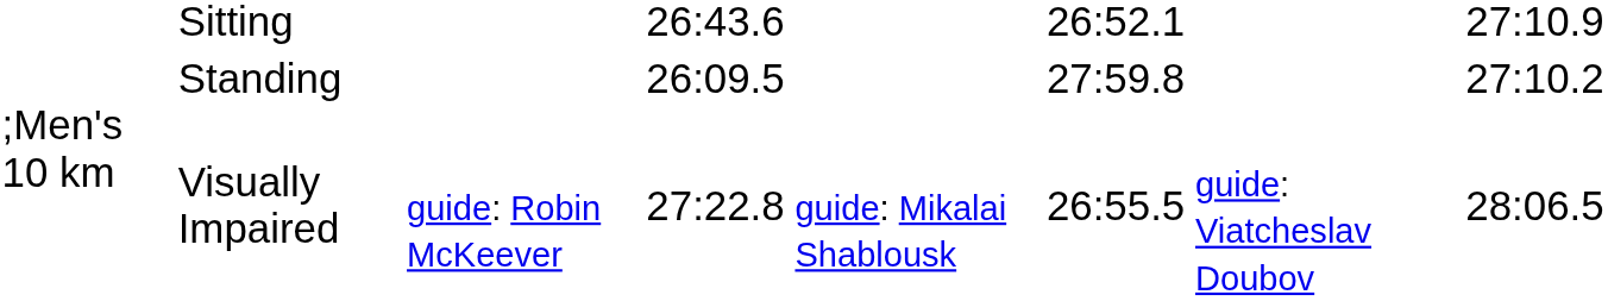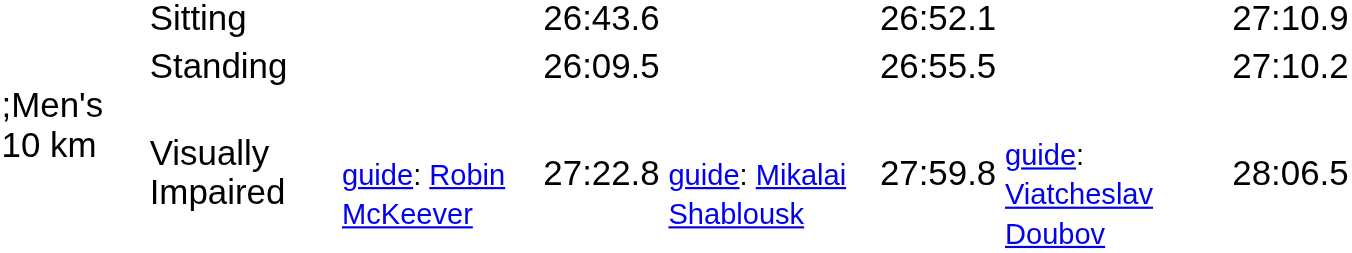 <table>
 <tr>
 <td rowspan="3">;Men's 10 km</td>
 <td>Sitting</td>
 <td></td>
 <td>26:43.6</td>
 <td></td>
 <td>26:52.1</td>
 <td></td>
 <td>27:10.9</td>
 </tr>
 <tr>
 <td>Standing</td>
 <td></td>
 <td>26:09.5</td>
 <td></td>
-<td>27:59.8</td>
+<td>26:55.5</td>
 <td></td>
 <td>27:10.2</td>
 </tr>
 <tr>
 <td>Visually Impaired</td>
 <td><br><small><a href='#'>guide</a>: <a href='#'>Robin McKeever</a></small></td>
 <td>27:22.8</td>
 <td><br><small><a href='#'>guide</a>: <a href='#'>Mikalai Shablousk</a></small></td>
-<td>26:55.5</td>
+<td>27:59.8</td>
 <td><br><small><a href='#'>guide</a>: <a href='#'>Viatcheslav Doubov</a></small></td>
 <td>28:06.5</td>
 </tr>
 </table>
